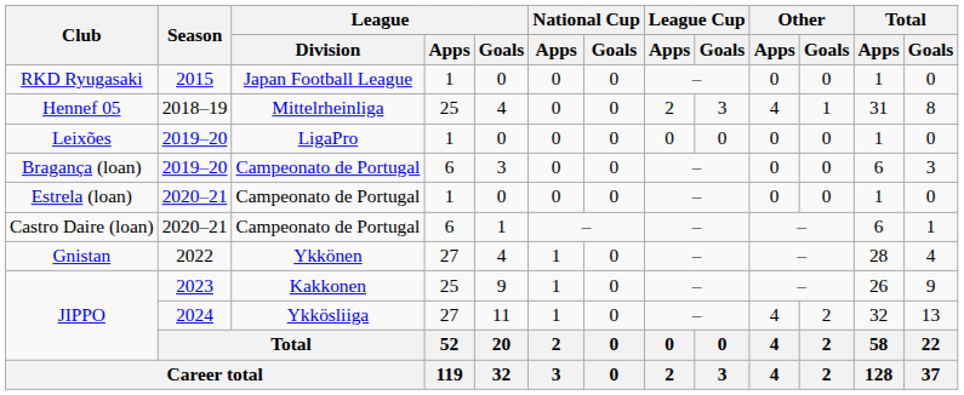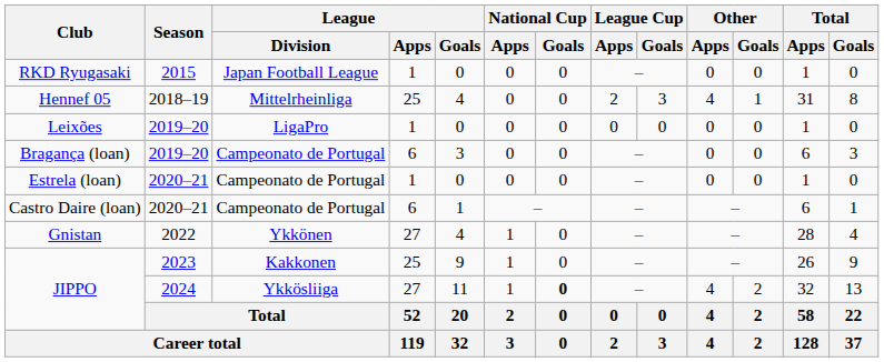 <table class="wikitable" style="text-align: center">
 <tr>
 <th rowspan="2">Club</th>
 <th rowspan="2">Season</th>
 <th colspan="3">League</th>
 <th colspan="2">National Cup</th>
 <th colspan="2">League Cup</th>
 <th colspan="2">Other</th>
 <th colspan="2">Total</th>
 </tr>
 <tr>
 <th>Division</th>
 <th>Apps</th>
 <th>Goals</th>
 <th>Apps</th>
 <th>Goals</th>
 <th>Apps</th>
 <th>Goals</th>
 <th>Apps</th>
 <th>Goals</th>
 <th>Apps</th>
 <th>Goals</th>
 </tr>
 <tr>
 <td><a href='#'>RKD Ryugasaki</a></td>
 <td><a href='#'>2015</a></td>
 <td><a href='#'>Japan Football League</a></td>
 <td>1</td>
 <td>0</td>
 <td>0</td>
 <td>0</td>
 <td colspan="2">–</td>
 <td>0</td>
 <td>0</td>
 <td>1</td>
 <td>0</td>
 </tr>
 <tr>
 <td><a href='#'>Hennef 05</a></td>
 <td>2018–19</td>
 <td><a href='#'>Mittelrheinliga</a></td>
 <td>25</td>
 <td>4</td>
 <td>0</td>
 <td>0</td>
 <td>2</td>
 <td>3</td>
 <td>4</td>
 <td>1</td>
 <td>31</td>
 <td>8</td>
 </tr>
 <tr>
 <td><a href='#'>Leixões</a></td>
 <td><a href='#'>2019–20</a></td>
 <td><a href='#'>LigaPro</a></td>
 <td>1</td>
 <td>0</td>
 <td>0</td>
 <td>0</td>
 <td>0</td>
 <td>0</td>
 <td>0</td>
 <td>0</td>
 <td>1</td>
 <td>0</td>
 </tr>
 <tr>
 <td><a href='#'>Bragança</a> (loan)</td>
 <td><a href='#'>2019–20</a></td>
 <td><a href='#'>Campeonato de Portugal</a></td>
 <td>6</td>
 <td>3</td>
 <td>0</td>
 <td>0</td>
 <td colspan="2">–</td>
 <td>0</td>
 <td>0</td>
 <td>6</td>
 <td>3</td>
 </tr>
 <tr>
 <td><a href='#'>Estrela</a> (loan)</td>
 <td><a href='#'>2020–21</a></td>
 <td>Campeonato de Portugal</td>
 <td>1</td>
 <td>0</td>
 <td>0</td>
 <td>0</td>
 <td colspan="2">–</td>
 <td>0</td>
 <td>0</td>
 <td>1</td>
 <td>0</td>
 </tr>
 <tr>
 <td>Castro Daire (loan)</td>
 <td>2020–21</td>
 <td>Campeonato de Portugal</td>
 <td>6</td>
 <td>1</td>
 <td colspan="2">–</td>
 <td colspan="2">–</td>
 <td colspan="2">–</td>
 <td>6</td>
 <td>1</td>
 </tr>
 <tr>
 <td><a href='#'>Gnistan</a></td>
 <td>2022</td>
 <td><a href='#'>Ykkönen</a></td>
 <td>27</td>
 <td>4</td>
 <td>1</td>
 <td>0</td>
 <td colspan="2">–</td>
 <td colspan="2">–</td>
 <td>28</td>
 <td>4</td>
 </tr>
 <tr>
 <td rowspan="3"><a href='#'>JIPPO</a></td>
 <td><a href='#'>2023</a></td>
 <td><a href='#'>Kakkonen</a></td>
 <td>25</td>
 <td>9</td>
 <td>1</td>
 <td>0</td>
 <td colspan="2">–</td>
 <td colspan="2">–</td>
 <td>26</td>
 <td>9</td>
 </tr>
 <tr>
 <td><a href='#'>2024</a></td>
 <td><a href='#'>Ykkösliiga</a></td>
 <td>27</td>
 <td>11</td>
 <td>1</td>
-<td>0</td>
+<td><strong>0</strong></td>
 <td colspan="2">–</td>
 <td>4</td>
 <td>2</td>
 <td>32</td>
 <td>13</td>
 </tr>
 <tr>
 <th colspan="2">Total</th>
 <th>52</th>
 <th>20</th>
 <th>2</th>
 <th>0</th>
 <th>0</th>
 <th>0</th>
 <th>4</th>
 <th>2</th>
 <th>58</th>
 <th>22</th>
 </tr>
 <tr>
 <th colspan="3"><strong>Career total</strong></th>
 <th>119</th>
 <th>32</th>
 <th>3</th>
 <th>0</th>
 <th>2</th>
 <th>3</th>
 <th>4</th>
 <th>2</th>
 <th>128</th>
 <th>37</th>
 </tr>
 </table>
